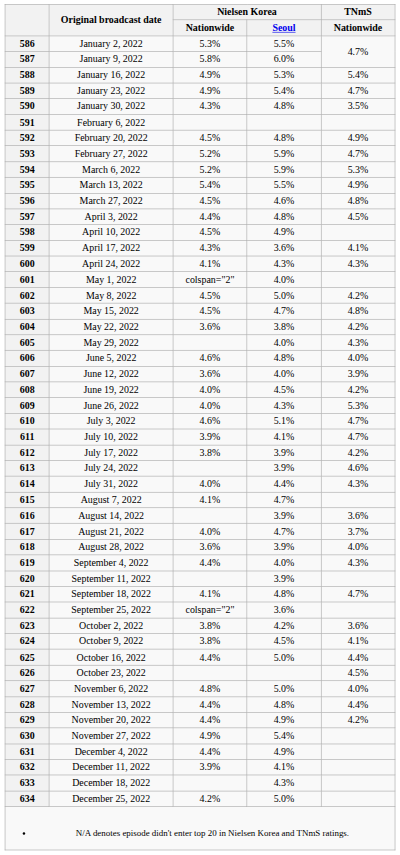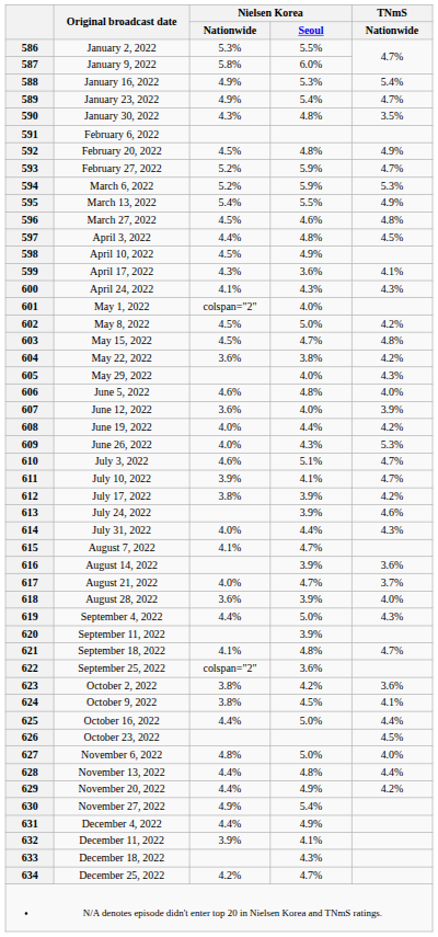 <table class="wikitable sortable" style="margin-left: auto; margin-right: auto; text-align:center">
 <tr>
 <th scope="col" rowspan="2" style="width:4em"></th>
 <th scope="col" rowspan="2" style="width:12em">Original broadcast date</th>
 <th scope="col" colspan="2">Nielsen Korea</th>
 <th scope="col">TNmS</th>
 </tr>
 <tr>
 <th scope="col" style="width:7em">Nationwide</th>
 <th scope="col" style="width:7em"><a href='#'>Seoul</a></th>
 <th scope="col" style="width:7em">Nationwide</th>
 </tr>
 <tr>
 <th scope="col">586</th>
 <td>January 2, 2022</td>
 <td>5.3% </td>
 <td>5.5% </td>
 <td rowspan="2">4.7% </td>
 </tr>
 <tr>
 <th scope="col">587</th>
 <td>January 9, 2022</td>
 <td>5.8% </td>
 <td>6.0% </td>
 </tr>
 <tr>
 <th scope="col">588</th>
 <td>January 16, 2022</td>
 <td>4.9% </td>
 <td>5.3% </td>
 <td>5.4% </td>
 </tr>
 <tr>
 <th scope="col">589</th>
 <td>January 23, 2022</td>
 <td>4.9% </td>
 <td>5.4% </td>
 <td>4.7% </td>
 </tr>
 <tr>
 <th scope="col">590</th>
 <td>January 30, 2022</td>
 <td>4.3% </td>
 <td>4.8% </td>
 <td>3.5% </td>
 </tr>
 <tr>
 <th scope="col">591</th>
 <td>February 6, 2022</td>
 <td><strong></strong> </td>
 <td><strong></strong> </td>
 <td><strong></strong> </td>
 </tr>
 <tr>
 <th scope="col">592</th>
 <td>February 20, 2022</td>
 <td>4.5% </td>
 <td>4.8% </td>
 <td>4.9% </td>
 </tr>
 <tr>
 <th scope="col">593</th>
 <td>February 27, 2022</td>
 <td>5.2% </td>
 <td>5.9% </td>
 <td>4.7% </td>
 </tr>
 <tr>
 <th scope="col">594</th>
 <td>March 6, 2022</td>
 <td>5.2% </td>
 <td>5.9% </td>
 <td>5.3% </td>
 </tr>
 <tr>
 <th scope="col">595</th>
 <td>March 13, 2022</td>
 <td>5.4% </td>
 <td>5.5% </td>
 <td>4.9% </td>
 </tr>
 <tr>
 <th scope="col">596</th>
 <td>March 27, 2022</td>
 <td>4.5% </td>
 <td>4.6% </td>
 <td>4.8% </td>
 </tr>
 <tr>
 <th scope="col">597</th>
 <td>April 3, 2022</td>
 <td>4.4% </td>
 <td>4.8% </td>
 <td>4.5% </td>
 </tr>
 <tr>
 <th scope="col">598</th>
 <td>April 10, 2022</td>
 <td>4.5% </td>
 <td>4.9% </td>
 <td></td>
 </tr>
 <tr>
 <th scope="col">599</th>
 <td>April 17, 2022</td>
 <td>4.3% </td>
 <td>3.6% </td>
 <td>4.1% </td>
 </tr>
 <tr>
 <th scope="col">600</th>
 <td>April 24, 2022</td>
 <td>4.1% </td>
 <td>4.3% </td>
 <td>4.3% </td>
 </tr>
 <tr>
 <th scope="col">601</th>
 <td>May 1, 2022</td>
 <td>colspan="2" </td>
 <td>4.0% </td>
 </tr>
 <tr>
 <th scope="col">602</th>
 <td>May 8, 2022</td>
 <td>4.5% </td>
 <td>5.0% </td>
 <td>4.2% </td>
 </tr>
 <tr>
 <th scope="col">603</th>
 <td>May 15, 2022</td>
 <td>4.5% </td>
 <td>4.7% </td>
 <td>4.8% </td>
 </tr>
 <tr>
 <th scope="col">604</th>
 <td>May 22, 2022</td>
 <td>3.6% </td>
 <td>3.8% </td>
 <td>4.2% </td>
 </tr>
 <tr>
 <th scope="col">605</th>
 <td>May 29, 2022</td>
 <td></td>
 <td>4.0% </td>
 <td>4.3% </td>
 </tr>
 <tr>
 <th scope="col">606</th>
 <td>June 5, 2022</td>
 <td>4.6% </td>
 <td>4.8% </td>
 <td>4.0% </td>
 </tr>
 <tr>
 <th scope="col">607</th>
 <td>June 12, 2022</td>
 <td>3.6% </td>
 <td>4.0% </td>
 <td>3.9% </td>
 </tr>
 <tr>
 <th scope="col">608</th>
 <td>June 19, 2022</td>
 <td>4.0% </td>
-<td>4.5% </td>
+<td>4.4% </td>
 <td>4.2% </td>
 </tr>
 <tr>
 <th scope="col">609</th>
 <td>June 26, 2022</td>
 <td>4.0% </td>
 <td>4.3% </td>
 <td>5.3% </td>
 </tr>
 <tr>
 <th scope="col">610</th>
 <td>July 3, 2022</td>
 <td>4.6% </td>
 <td>5.1% </td>
 <td>4.7% </td>
 </tr>
 <tr>
 <th scope="col">611</th>
 <td>July 10, 2022</td>
 <td>3.9% </td>
 <td>4.1% </td>
 <td>4.7% </td>
 </tr>
 <tr>
 <th scope="col">612</th>
 <td>July 17, 2022</td>
 <td>3.8% </td>
 <td>3.9% </td>
 <td>4.2% </td>
 </tr>
 <tr>
 <th scope="col">613</th>
 <td>July 24, 2022</td>
 <td></td>
 <td>3.9% </td>
 <td>4.6% </td>
 </tr>
 <tr>
 <th scope="col">614</th>
 <td>July 31, 2022</td>
 <td>4.0% </td>
 <td>4.4% </td>
 <td>4.3% </td>
 </tr>
 <tr>
 <th scope="col">615</th>
 <td>August 7, 2022</td>
 <td>4.1% </td>
 <td>4.7% </td>
 <td></td>
 </tr>
 <tr>
 <th scope="col">616</th>
 <td>August 14, 2022</td>
 <td></td>
 <td>3.9% </td>
 <td>3.6% </td>
 </tr>
 <tr>
 <th scope="col">617</th>
 <td>August 21, 2022</td>
 <td>4.0% </td>
 <td>4.7% </td>
 <td>3.7% </td>
 </tr>
 <tr>
 <th scope="col">618</th>
 <td>August 28, 2022</td>
 <td>3.6% </td>
 <td>3.9% </td>
 <td>4.0% </td>
 </tr>
 <tr>
 <th scope="col">619</th>
 <td>September 4, 2022</td>
 <td>4.4% </td>
-<td>4.0% </td>
+<td>5.0% </td>
 <td>4.3% </td>
 </tr>
 <tr>
 <th scope="col">620</th>
 <td>September 11, 2022</td>
 <td><strong></strong> </td>
 <td>3.9% </td>
 <td><strong></strong> </td>
 </tr>
 <tr>
 <th scope="col">621</th>
 <td>September 18, 2022</td>
 <td>4.1% </td>
 <td>4.8% </td>
 <td>4.7% </td>
 </tr>
 <tr>
 <th scope="col">622</th>
 <td>September 25, 2022</td>
 <td>colspan="2" </td>
 <td>3.6% </td>
 </tr>
 <tr>
 <th scope="col">623</th>
 <td>October 2, 2022</td>
 <td>3.8% </td>
 <td>4.2% </td>
 <td>3.6% </td>
 </tr>
 <tr>
 <th scope="col">624</th>
 <td>October 9, 2022</td>
 <td>3.8% </td>
 <td>4.5% </td>
 <td>4.1% </td>
 </tr>
 <tr>
 <th scope="col">625</th>
 <td>October 16, 2022</td>
 <td>4.4% </td>
 <td>5.0% </td>
 <td>4.4% </td>
 </tr>
 <tr>
 <th scope="col">626</th>
 <td>October 23, 2022</td>
 <td></td>
 <td><strong></strong> </td>
 <td>4.5% </td>
 </tr>
 <tr>
 <th scope="col">627</th>
 <td>November 6, 2022</td>
 <td>4.8% </td>
 <td>5.0% </td>
 <td>4.0% </td>
 </tr>
 <tr>
 <th scope="col">628</th>
 <td>November 13, 2022</td>
 <td>4.4% </td>
 <td>4.8% </td>
 <td>4.4% </td>
 </tr>
 <tr>
 <th scope="col">629</th>
 <td>November 20, 2022</td>
 <td>4.4% </td>
 <td>4.9% </td>
 <td>4.2% </td>
 </tr>
 <tr>
 <th scope="col">630</th>
 <td>November 27, 2022</td>
 <td>4.9% </td>
 <td>5.4% </td>
 <td></td>
 </tr>
 <tr>
 <th scope="col">631</th>
 <td>December 4, 2022</td>
 <td>4.4% </td>
 <td>4.9% </td>
 <td></td>
 </tr>
 <tr>
 <th scope="col">632</th>
 <td>December 11, 2022</td>
 <td>3.9% </td>
 <td>4.1% </td>
 <td></td>
 </tr>
 <tr>
 <th scope="col">633</th>
 <td>December 18, 2022</td>
 <td></td>
 <td>4.3% </td>
 <td></td>
 </tr>
 <tr>
 <th scope="col">634</th>
 <td>December 25, 2022</td>
 <td>4.2% </td>
-<td>5.0% </td>
+<td>4.7% </td>
 <td></td>
 </tr>
 <tr>
 <td colspan="5" style="font-size:90%; text-center:left"><br><ul><li>N/A denotes episode didn't enter top 20 in Nielsen Korea and TNmS ratings.</li></ul></td>
 </tr>
 </table>
